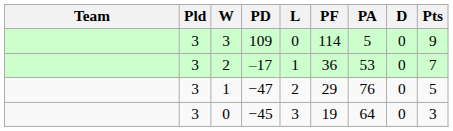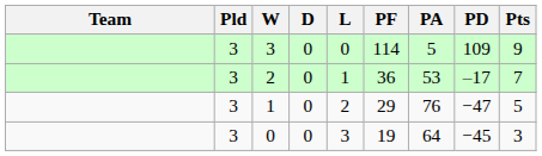 <table class="wikitable" style="text-align:center;">
 <tr>
 <th width=175>Team</th>
 <th width=25 abbr="Played">Pld</th>
 <th width=25 abbr="Won">W</th>
-<th width=32 abbr="Points difference">PD</th>
+<th width=25 abbr="Drawn">D</th>
 <th width=25 abbr="Lost">L</th>
 <th width=32 abbr="Points for">PF</th>
 <th width=32 abbr="Points against">PA</th>
-<th width=25 abbr="Drawn">D</th>
+<th width=32 abbr="Points difference">PD</th>
 <th width=25 abbr="Points">Pts</th>
 </tr>
 <tr bgcolor="#ccffcc">
 <td align=left></td>
 <td>3</td>
 <td>3</td>
-<td>109</td>
+<td>0</td>
 <td>0</td>
 <td>114</td>
 <td>5</td>
-<td>0</td>
+<td>109</td>
 <td>9</td>
 </tr>
 <tr bgcolor="#ccffcc">
 <td align=left></td>
 <td>3</td>
 <td>2</td>
-<td>–17</td>
+<td>0</td>
 <td>1</td>
 <td>36</td>
 <td>53</td>
-<td>0</td>
+<td>–17</td>
 <td>7</td>
 </tr>
 <tr>
 <td align=left></td>
 <td>3</td>
 <td>1</td>
-<td>−47</td>
+<td>0</td>
 <td>2</td>
 <td>29</td>
 <td>76</td>
-<td>0</td>
+<td>−47</td>
 <td>5</td>
 </tr>
 <tr>
 <td align=left></td>
 <td>3</td>
 <td>0</td>
-<td>−45</td>
+<td>0</td>
 <td>3</td>
 <td>19</td>
 <td>64</td>
-<td>0</td>
+<td>−45</td>
 <td>3</td>
 </tr>
 </table>
